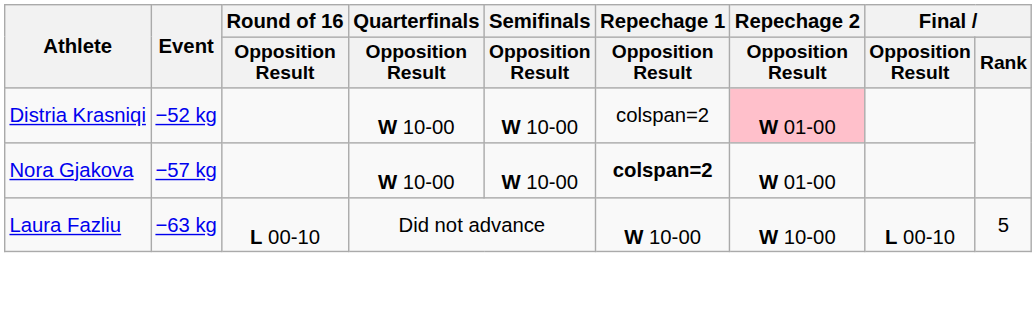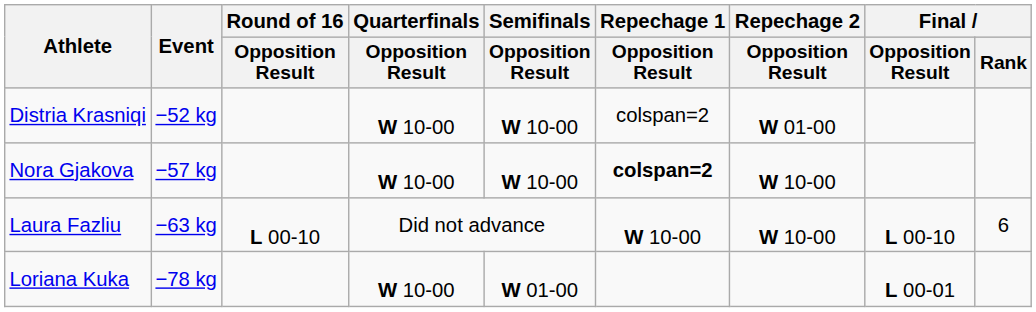 <table class="wikitable" style="font-size:90%">
 <tr>
 <th rowspan="2">Athlete</th>
 <th rowspan="2">Event</th>
 <th>Round of 16</th>
 <th>Quarterfinals</th>
 <th>Semifinals</th>
 <th>Repechage 1</th>
 <th>Repechage 2</th>
 <th colspan=2>Final / </th>
 </tr>
 <tr style="font-size:95%">
 <th>Opposition<br>Result</th>
 <th>Opposition<br>Result</th>
 <th>Opposition<br>Result</th>
 <th>Opposition<br>Result</th>
 <th>Opposition<br>Result</th>
 <th>Opposition<br>Result</th>
 <th>Rank</th>
 </tr>
 <tr align=center>
 <td align=left><a href='#'>Distria Krasniqi</a></td>
 <td align=left><a href='#'>−52 kg</a></td>
 <td></td>
 <td><br><strong>W</strong> 10-00</td>
 <td><br><strong>W</strong> 10-00</td>
 <td>colspan=2 </td>
-<td style="background: pink;"><br><strong>W</strong> 01-00</td>
+<td><br><strong>W</strong> 01-00</td>
 <td></td>
 </tr>
 <tr align=center>
 <td align=left><a href='#'>Nora Gjakova</a></td>
 <td align=left><a href='#'>−57 kg</a></td>
 <td></td>
 <td><br><strong>W</strong> 10-00</td>
 <td><br><strong>W</strong> 10-00</td>
 <td><strong>colspan=2 </strong></td>
-<td><br><strong>W</strong> 01-00</td>
+<td><br><strong>W</strong> 10-00</td>
 <td></td>
 </tr>
 <tr align=center>
 <td align=left><a href='#'>Laura Fazliu</a></td>
 <td align=left><a href='#'>−63 kg</a></td>
 <td><br><strong>L</strong> 00-10</td>
 <td colspan=2>Did not advance</td>
 <td><br><strong>W</strong> 10-00</td>
 <td><br><strong>W</strong> 10-00</td>
 <td><br><strong>L</strong> 00-10</td>
-<td>5</td>
+<td>6</td>
+</tr>
+<tr align=center>
+<td align=left><a href='#'>Loriana Kuka</a></td>
+<td align=left><a href='#'>−78 kg</a></td>
+<td></td>
+<td><br><strong>W</strong> 10-00</td>
+<td><br><strong>W</strong> 01-00</td>
+<td></td>
+<td></td>
+<td><br><strong>L</strong> 00-01</td>
+<td></td>
 </tr>
 </table>
